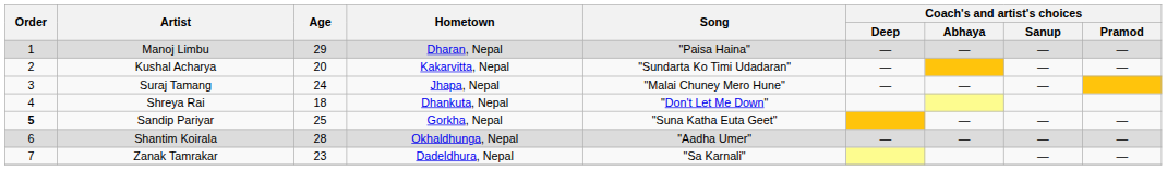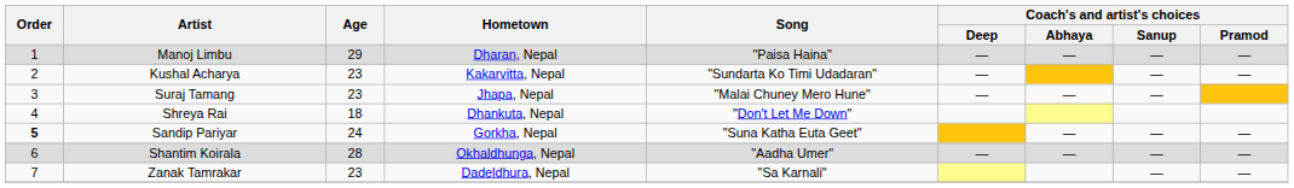 <table class="wikitable plainrowheaders" style="text-align:center; line-height:17px; width:100%;">
 <tr>
 <th scope="col" rowspan="2" style="width:04%;">Order</th>
 <th scope="col" rowspan="2" style="width:18%;">Artist</th>
 <th scope="col" rowspan="2" style="width:04%;">Age</th>
 <th scope="col" rowspan="2" style="width:18%;">Hometown</th>
 <th scope="col" rowspan="2" style="width:20%;">Song</th>
 <th scope="col" colspan="4" style="width:24%;">Coach's and artist's choices</th>
 </tr>
 <tr>
 <th scope="col" style="width:06%;">Deep</th>
 <th scope="col" style="width:06%;">Abhaya</th>
 <th scope="col" style="width:06%;">Sanup</th>
 <th scope="col" style="width:06%;">Pramod</th>
 </tr>
 <tr style="background:#DCDCDC;">
 <td scope="row">1</td>
 <td>Manoj Limbu</td>
 <td>29</td>
 <td><a href='#'>Dharan</a>, Nepal</td>
 <td>"Paisa Haina"</td>
 <td>—</td>
 <td>—</td>
 <td>—</td>
 <td>—</td>
 </tr>
 <tr>
 <td scope="row">2</td>
 <td>Kushal Acharya</td>
-<td>20</td>
+<td>23</td>
 <td><a href='#'>Kakarvitta</a>, Nepal</td>
 <td>"Sundarta Ko Timi Udadaran"</td>
 <td>—</td>
 <td style="background:#ffc40c;"><strong></strong></td>
 <td>—</td>
 <td>—</td>
 </tr>
 <tr>
 <td scope="row">3</td>
 <td>Suraj Tamang</td>
-<td>24</td>
+<td>23</td>
 <td><a href='#'>Jhapa</a>, Nepal</td>
 <td>"Malai Chuney Mero Hune"</td>
 <td>—</td>
 <td>—</td>
 <td>—</td>
 <td style="background:#ffc40c;"><strong></strong></td>
 </tr>
 <tr>
 <td scope="row">4</td>
 <td>Shreya Rai</td>
 <td>18</td>
 <td><a href='#'>Dhankuta</a>, Nepal</td>
 <td>"<a href='#'>Don't Let Me Down</a>"</td>
 <td><strong></strong></td>
 <td style="background:#fdfc8f;"><strong></strong></td>
 <td><strong></strong></td>
 <td><strong></strong></td>
 </tr>
 <tr>
 <td scope="row"><strong>5</strong></td>
 <td>Sandip Pariyar</td>
-<td>25</td>
+<td>24</td>
 <td><a href='#'>Gorkha</a>, Nepal</td>
 <td>"Suna Katha Euta Geet"</td>
 <td style="background:#ffc40c;"><strong></strong></td>
 <td>—</td>
 <td>—</td>
 <td>—</td>
 </tr>
 <tr style="background:#DCDCDC;">
 <td scope="row">6</td>
 <td>Shantim Koirala</td>
 <td>28</td>
 <td><a href='#'>Okhaldhunga</a>, Nepal</td>
 <td>"Aadha Umer"</td>
 <td>—</td>
 <td>—</td>
 <td>—</td>
 <td>—</td>
 </tr>
 <tr>
 <td scope="row">7</td>
 <td>Zanak Tamrakar</td>
 <td>23</td>
 <td><a href='#'>Dadeldhura</a>, Nepal</td>
 <td>"Sa Karnali"</td>
 <td style="background:#fdfc8f;"><strong></strong></td>
 <td><strong></strong></td>
 <td>—</td>
 <td>—</td>
 </tr>
 <tr>
 </tr>
 </table>
